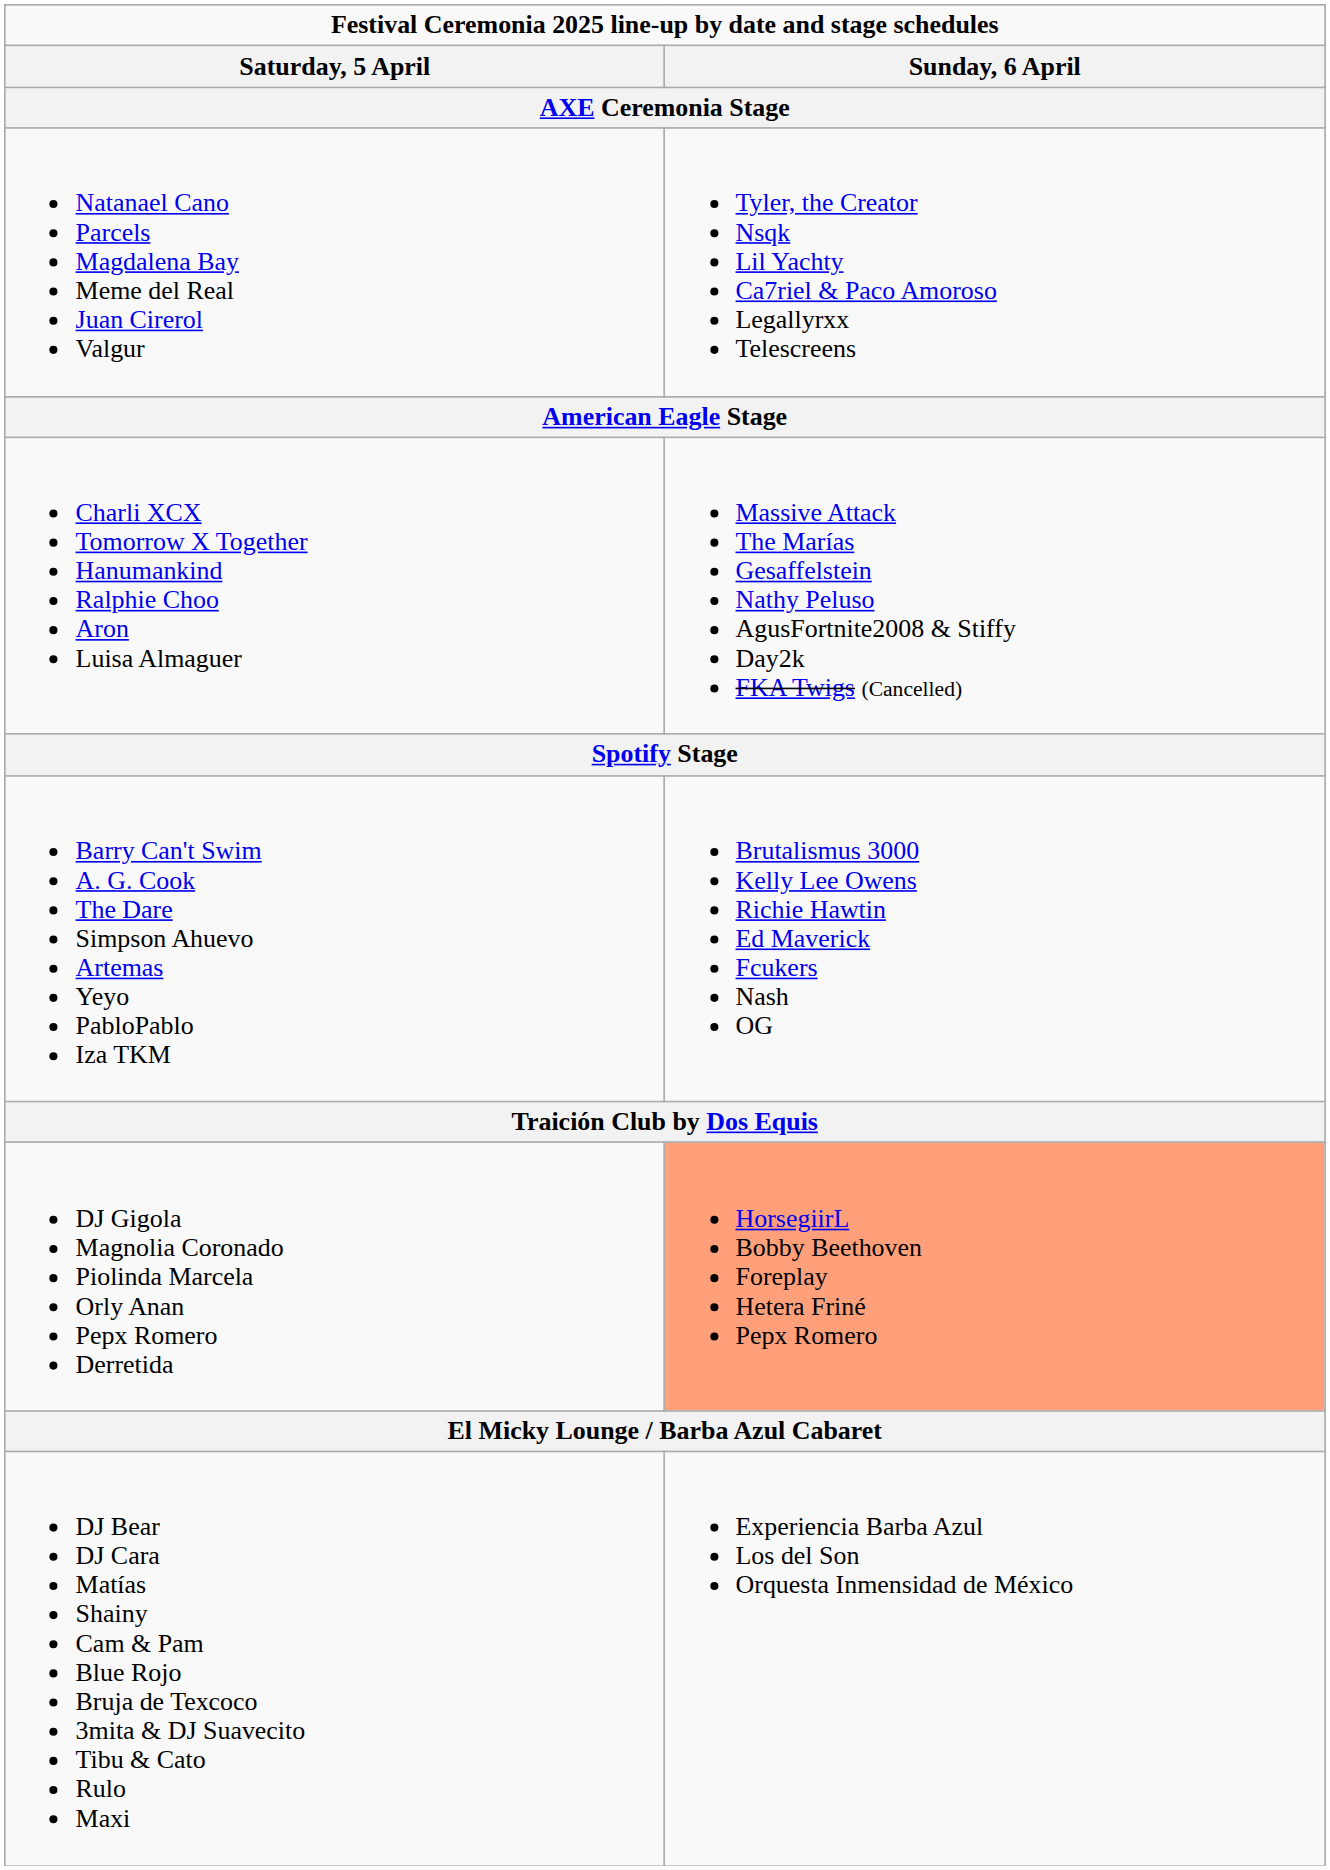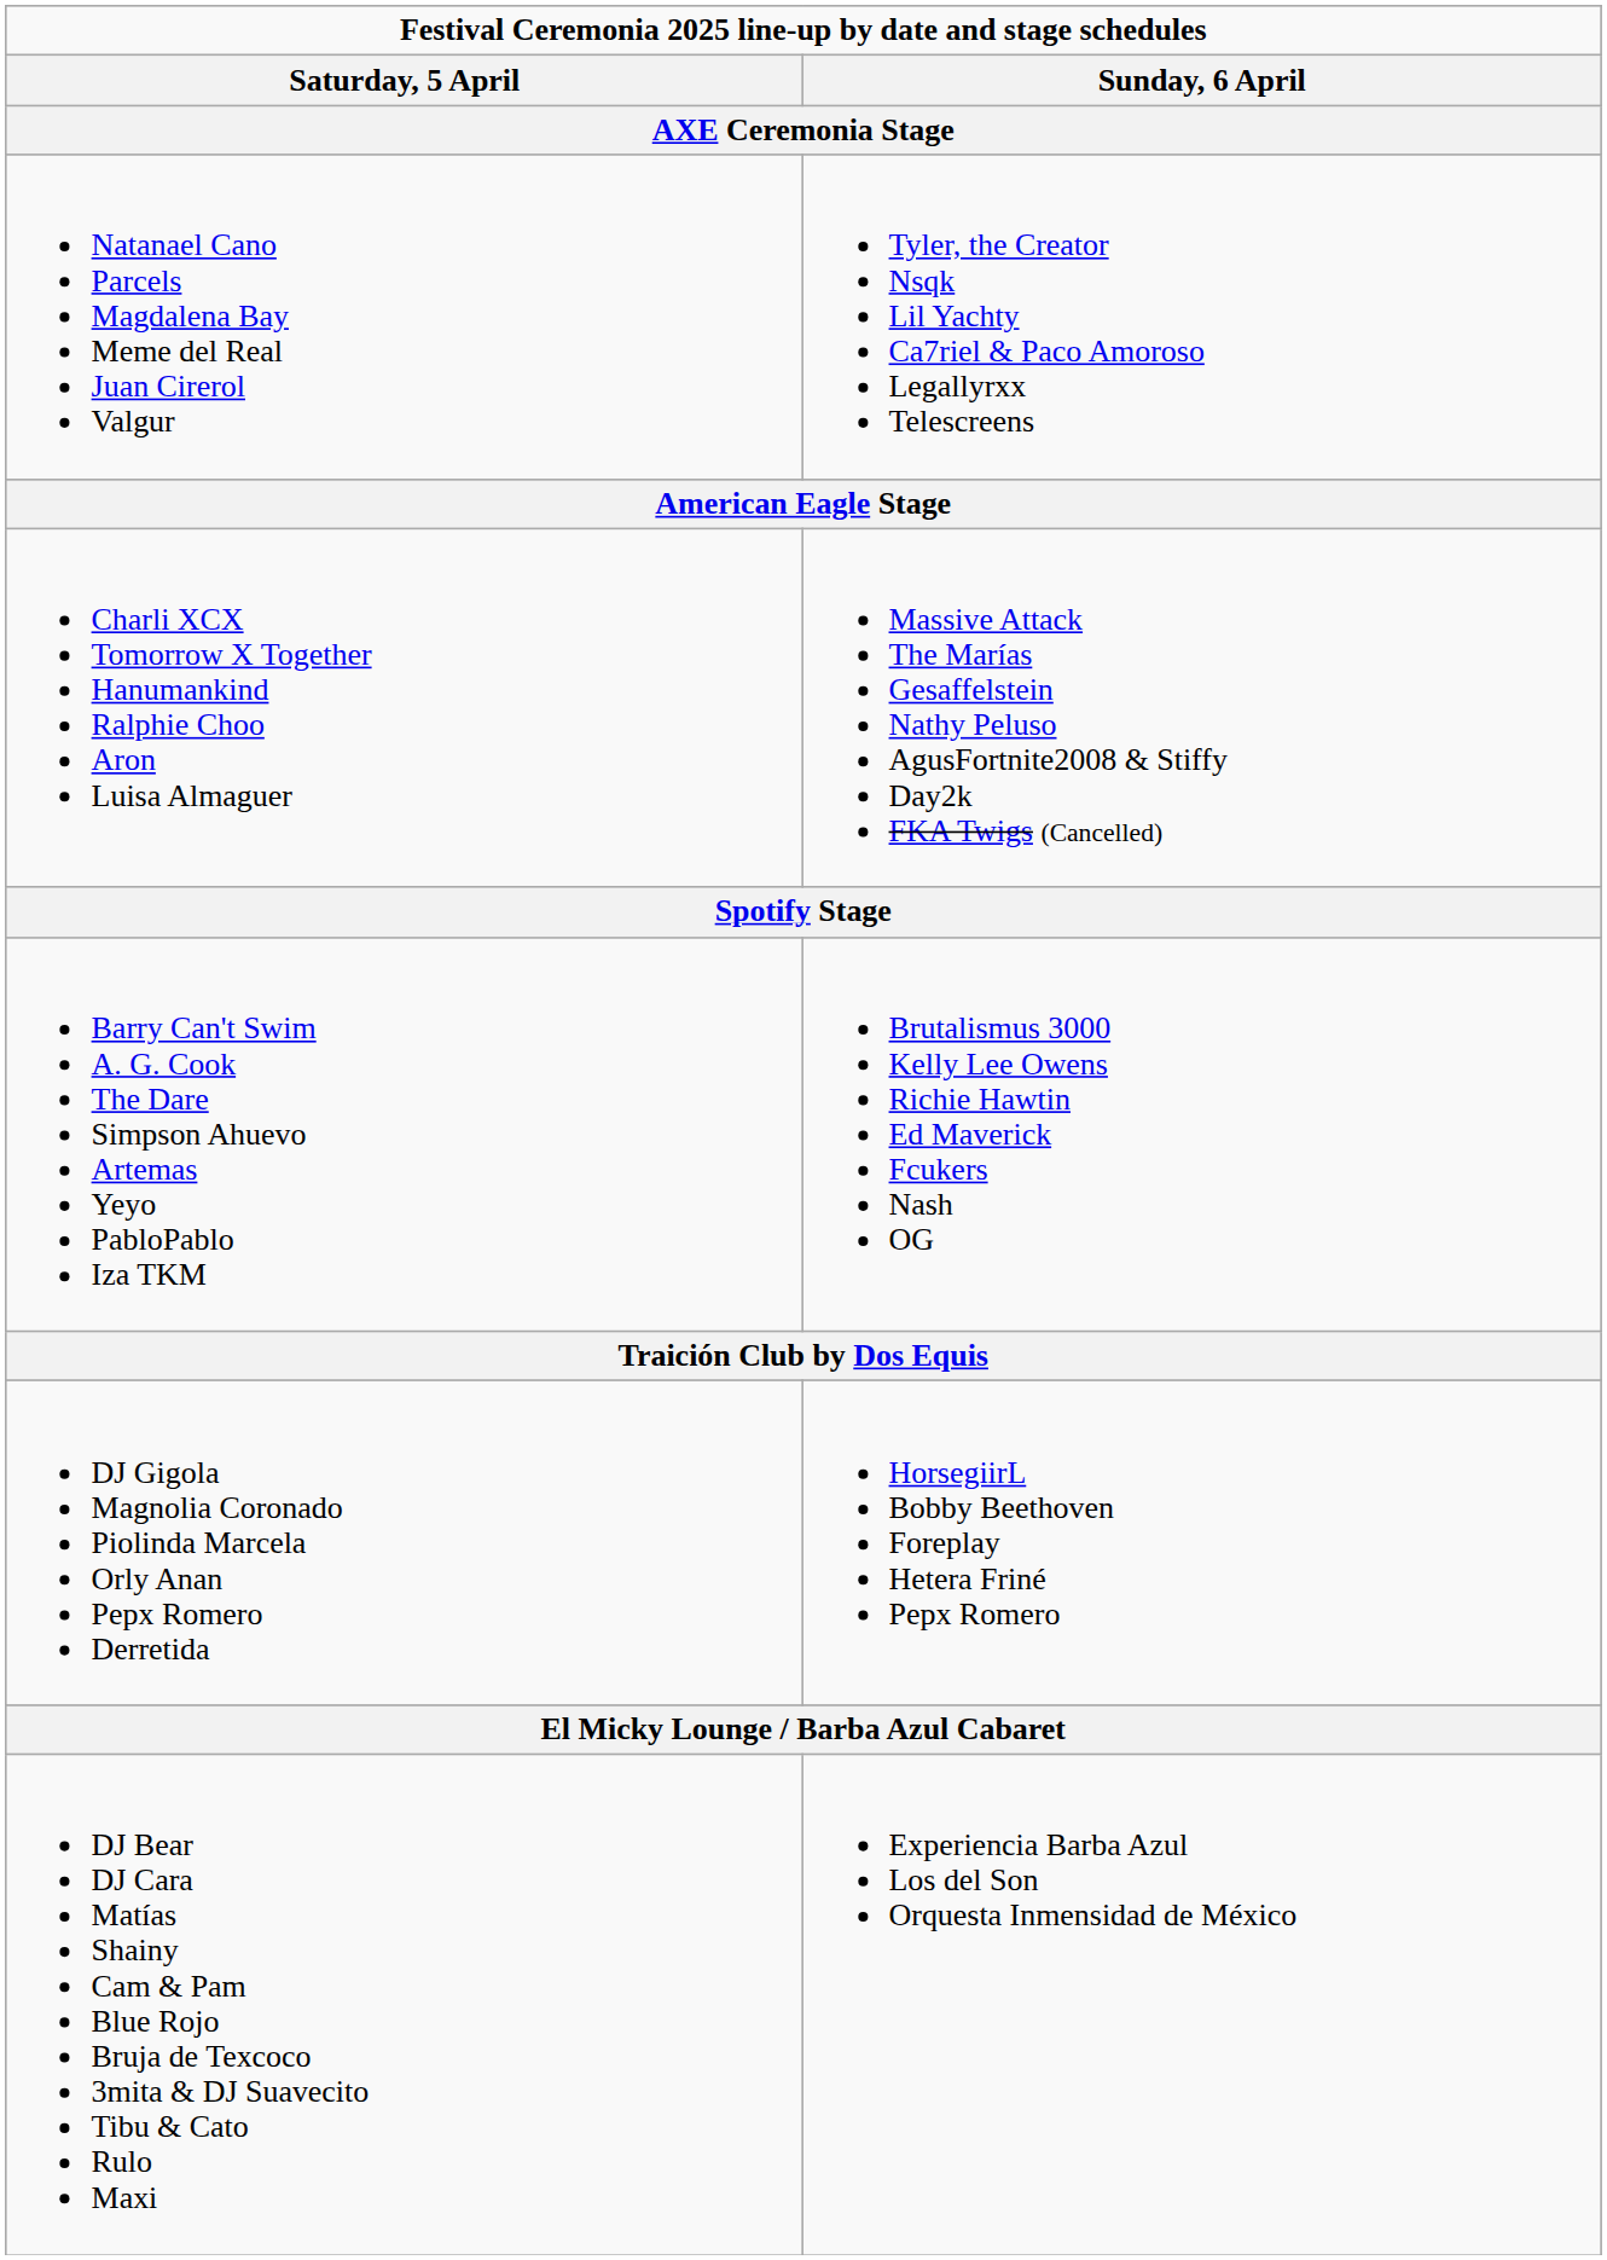 <table class="wikitable collapsible autocollapse">
 <tr>
 <td colspan="2" align="center"><strong>Festival Ceremonia 2025 line-up by date and stage schedules</strong></td>
 </tr>
 <tr>
 <th scope="col" style="width:25em">Saturday, 5 April</th>
 <th scope="col" style="width:25em">Sunday, 6 April</th>
 </tr>
 <tr>
 <th colspan="2"><strong><a href='#'>AXE</a> Ceremonia Stage</strong></th>
 </tr>
 <tr valign="top">
 <td><br><ul><li><a href='#'>Natanael Cano</a></li><li><a href='#'>Parcels</a></li><li><a href='#'>Magdalena Bay</a></li><li>Meme del Real</li><li><a href='#'>Juan Cirerol</a></li><li>Valgur</li></ul></td>
 <td><br><ul><li><a href='#'>Tyler, the Creator</a></li><li><a href='#'>Nsqk</a></li><li><a href='#'>Lil Yachty</a></li><li><a href='#'>Ca7riel & Paco Amoroso</a></li><li>Legallyrxx</li><li>Telescreens</li></ul></td>
 </tr>
 <tr>
 <th colspan="2"><strong><a href='#'>American Eagle</a> Stage</strong></th>
 </tr>
 <tr valign="top">
 <td><br><ul><li><a href='#'>Charli XCX</a></li><li><a href='#'>Tomorrow X Together</a></li><li><a href='#'>Hanumankind</a></li><li><a href='#'>Ralphie Choo</a></li><li><a href='#'>Aron</a></li><li>Luisa Almaguer</li></ul></td>
 <td><br><ul><li><a href='#'>Massive Attack</a></li><li><a href='#'>The Marías</a></li><li><a href='#'>Gesaffelstein</a></li><li><a href='#'>Nathy Peluso</a></li><li>AgusFortnite2008 & Stiffy</li><li>Day2k</li><li><s><a href='#'>FKA Twigs</a></s> <small>(Cancelled)</small></li></ul></td>
 </tr>
 <tr>
 <th colspan="2"><strong><a href='#'>Spotify</a> Stage</strong></th>
 </tr>
 <tr valign="top">
 <td><br><ul><li><a href='#'>Barry Can't Swim</a></li><li><a href='#'>A. G. Cook</a></li><li><a href='#'>The Dare</a></li><li>Simpson Ahuevo</li><li><a href='#'>Artemas</a></li><li>Yeyo</li><li>PabloPablo</li><li>Iza TKM</li></ul></td>
 <td><br><ul><li><a href='#'>Brutalismus 3000</a></li><li><a href='#'>Kelly Lee Owens</a></li><li><a href='#'>Richie Hawtin</a></li><li><a href='#'>Ed Maverick</a></li><li><a href='#'>Fcukers</a></li><li>Nash</li><li>OG</li></ul></td>
 </tr>
 <tr>
 <th colspan="2"><strong> Traición Club by <a href='#'>Dos Equis</a></strong></th>
 </tr>
 <tr valign="top">
 <td><br><ul><li>DJ Gigola</li><li>Magnolia Coronado</li><li>Piolinda Marcela</li><li>Orly Anan</li><li>Pepx Romero</li><li>Derretida</li></ul></td>
-<td style="background: lightsalmon;"><br><ul><li><a href='#'>HorsegiirL</a></li><li>Bobby Beethoven</li><li>Foreplay</li><li>Hetera Friné</li><li>Pepx Romero</li></ul></td>
+<td><br><ul><li><a href='#'>HorsegiirL</a></li><li>Bobby Beethoven</li><li>Foreplay</li><li>Hetera Friné</li><li>Pepx Romero</li></ul></td>
 </tr>
 <tr>
 <th colspan="2"><strong>El Micky Lounge / Barba Azul Cabaret</strong></th>
 </tr>
 <tr valign="top">
 <td><br><ul><li>DJ Bear</li><li>DJ Cara</li><li>Matías</li><li>Shainy</li><li>Cam & Pam</li><li>Blue Rojo</li><li>Bruja de Texcoco</li><li>3mita & DJ Suavecito</li><li>Tibu & Cato</li><li>Rulo</li><li>Maxi</li></ul></td>
 <td><br><ul><li>Experiencia Barba Azul</li><li>Los del Son</li><li>Orquesta Inmensidad de México</li></ul></td>
 </tr>
 </table>
